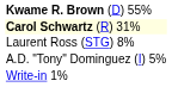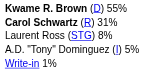 <table>
 <tr>
 <td><strong>Kwame R. Brown</strong> (<a href='#'>D</a>) 55%</td>
 </tr>
 <tr>
-<td style="background: lightyellow;"><strong>Carol Schwartz</strong> (<a href='#'>R</a>) 31%</td>
+<td><strong>Carol Schwartz</strong> (<a href='#'>R</a>) 31%</td>
 </tr>
 <tr>
 <td>Laurent Ross (<a href='#'>STG</a>) 8%</td>
 </tr>
 <tr>
 <td>A.D. "Tony" Dominguez (<a href='#'>I</a>) 5%</td>
 </tr>
 <tr>
 <td><a href='#'>Write-in</a> 1%</td>
 </tr>
 </table>
